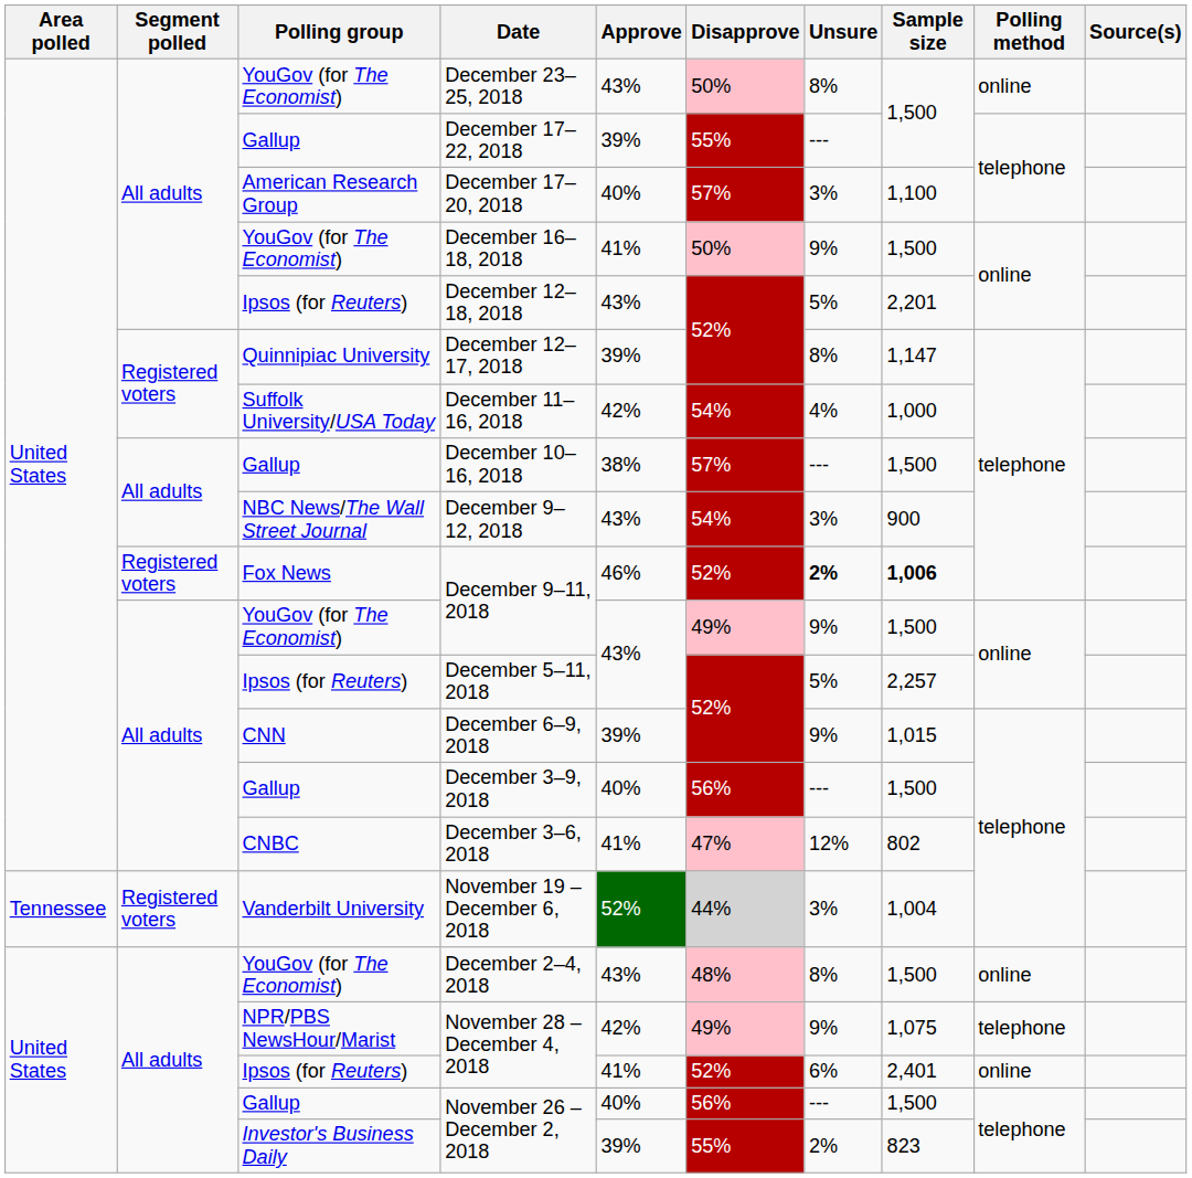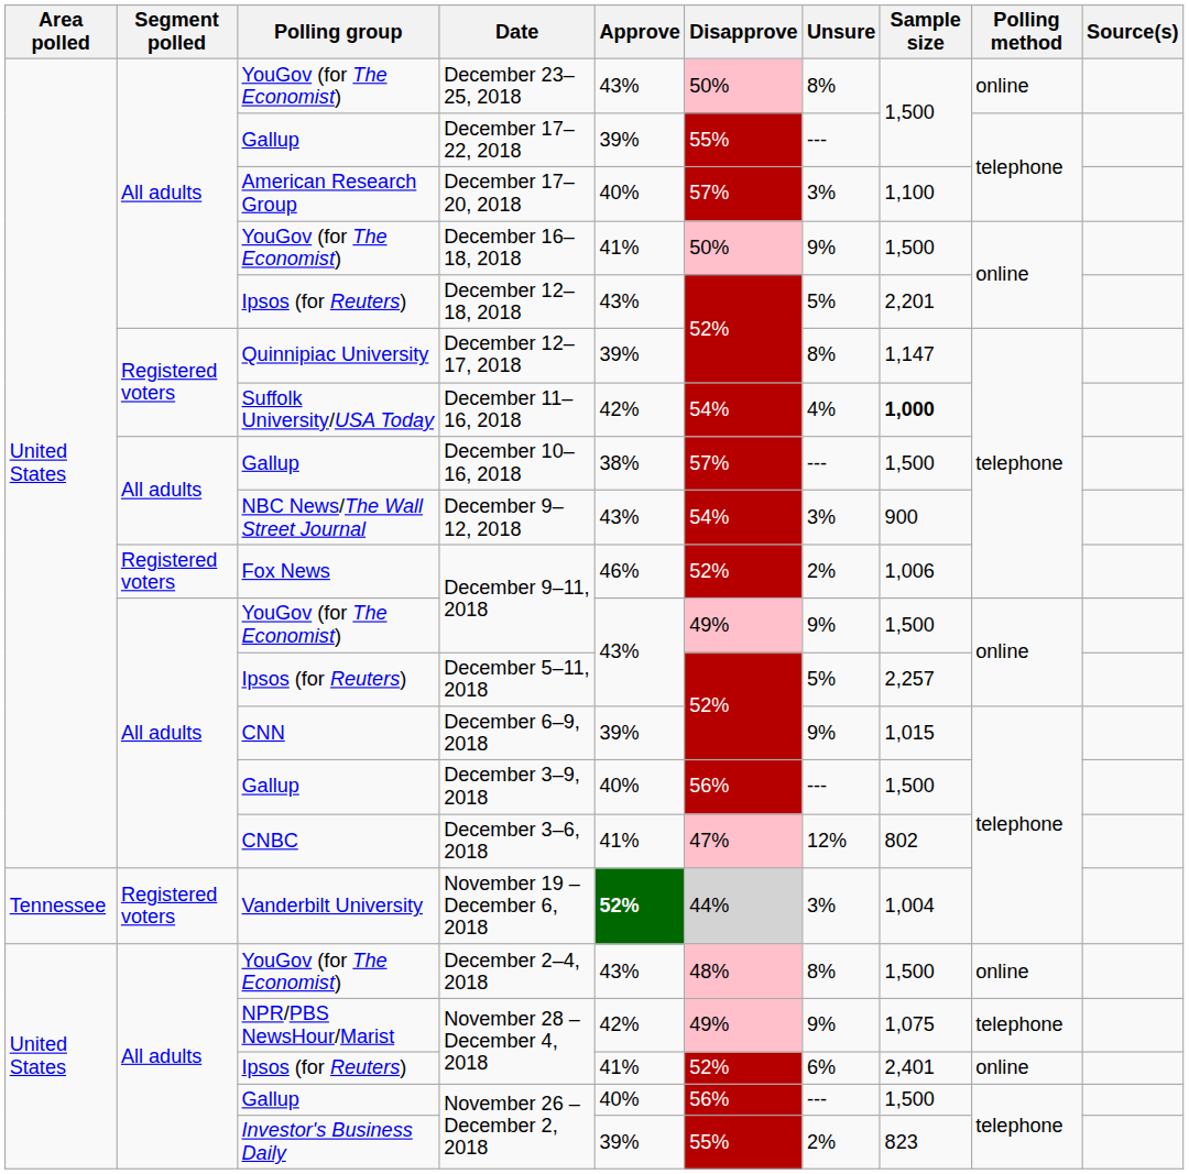 <table class="wikitable sortable" style="width: 75%">
 <tr>
 <th>Area polled</th>
 <th>Segment polled</th>
 <th>Polling group</th>
 <th>Date</th>
 <th>Approve</th>
 <th>Disapprove</th>
 <th>Unsure</th>
 <th>Sample size</th>
 <th>Polling method</th>
 <th>Source(s)</th>
 </tr>
 <tr>
 <td rowspan="15"> <a href='#'>United States</a></td>
 <td rowspan="5"><a href='#'>All adults</a></td>
 <td><a href='#'>YouGov</a> (for <em><a href='#'>The Economist</a></em>)</td>
 <td>December 23–25, 2018</td>
 <td>43%</td>
 <td style="background: pink; color: black">50%</td>
 <td>8%</td>
 <td rowspan="2">1,500</td>
 <td>online</td>
 <td></td>
 </tr>
 <tr>
 <td><a href='#'>Gallup</a></td>
 <td>December 17–22, 2018</td>
 <td>39%</td>
 <td style="background:#B60000; color: white">55%</td>
 <td>---</td>
 <td rowspan="2">telephone</td>
 <td></td>
 </tr>
 <tr>
 <td><a href='#'>American Research Group</a></td>
 <td>December 17–20, 2018</td>
 <td>40%</td>
 <td style="background:#B60000; color: white">57%</td>
 <td>3%</td>
 <td>1,100</td>
 <td></td>
 </tr>
 <tr>
 <td><a href='#'>YouGov</a> (for <em><a href='#'>The Economist</a></em>)</td>
 <td>December 16–18, 2018</td>
 <td>41%</td>
 <td style="background: pink; color: black">50%</td>
 <td>9%</td>
 <td>1,500</td>
 <td rowspan="2">online</td>
 <td></td>
 </tr>
 <tr>
 <td><a href='#'>Ipsos</a> (for <em><a href='#'>Reuters</a></em>)</td>
 <td>December 12–18, 2018</td>
 <td>43%</td>
 <td rowspan="2" style="background:#B60000; color: white">52%</td>
 <td>5%</td>
 <td>2,201</td>
 <td></td>
 </tr>
 <tr>
 <td rowspan="2"><a href='#'>Registered voters</a></td>
 <td><a href='#'>Quinnipiac University</a></td>
 <td>December 12–17, 2018</td>
 <td>39%</td>
 <td>8%</td>
 <td>1,147</td>
 <td rowspan="5">telephone</td>
 <td></td>
 </tr>
 <tr>
 <td><a href='#'>Suffolk University</a>/<em><a href='#'>USA Today</a></em></td>
 <td>December 11–16, 2018</td>
 <td>42%</td>
 <td style="background:#B60000; color: white">54%</td>
 <td>4%</td>
-<td>1,000</td>
+<td><strong>1,000</strong></td>
 <td></td>
 </tr>
 <tr>
 <td rowspan="2"><a href='#'>All adults</a></td>
 <td><a href='#'>Gallup</a></td>
 <td>December 10–16, 2018</td>
 <td>38%</td>
 <td style="background:#B60000; color: white">57%</td>
 <td>---</td>
 <td>1,500</td>
 <td></td>
 </tr>
 <tr>
 <td><a href='#'>NBC News</a>/<em><a href='#'>The Wall Street Journal</a></em></td>
 <td>December 9–12, 2018</td>
 <td>43%</td>
 <td style="background:#B60000; color: white">54%</td>
 <td>3%</td>
 <td>900</td>
 <td></td>
 </tr>
 <tr>
 <td><a href='#'>Registered voters</a></td>
 <td><a href='#'>Fox News</a></td>
 <td rowspan="2">December 9–11, 2018</td>
 <td>46%</td>
 <td style="background:#B60000; color: white">52%</td>
-<td><strong>2%</strong></td>
-<td><strong>1,006</strong></td>
+<td>2%</td>
+<td>1,006</td>
 <td></td>
 </tr>
 <tr>
 <td rowspan="5"><a href='#'>All adults</a></td>
 <td><a href='#'>YouGov</a> (for <em><a href='#'>The Economist</a></em>)</td>
 <td rowspan="2">43%</td>
 <td style="background: pink; color: black">49%</td>
 <td>9%</td>
 <td>1,500</td>
 <td rowspan="2">online</td>
 <td></td>
 </tr>
 <tr>
 <td><a href='#'>Ipsos</a> (for <em><a href='#'>Reuters</a></em>)</td>
 <td>December 5–11, 2018</td>
 <td rowspan="2" style="background:#B60000; color: white">52%</td>
 <td>5%</td>
 <td>2,257</td>
 <td></td>
 </tr>
 <tr>
 <td><a href='#'>CNN</a></td>
 <td>December 6–9, 2018</td>
 <td>39%</td>
 <td>9%</td>
 <td>1,015</td>
 <td rowspan="4">telephone</td>
 <td></td>
 </tr>
 <tr>
 <td><a href='#'>Gallup</a></td>
 <td>December 3–9, 2018</td>
 <td>40%</td>
 <td style="background:#B60000; color: white">56%</td>
 <td>---</td>
 <td>1,500</td>
 <td></td>
 </tr>
 <tr>
 <td><a href='#'>CNBC</a></td>
 <td>December 3–6, 2018</td>
 <td>41%</td>
 <td style="background: pink; color: black">47%</td>
 <td>12%</td>
 <td>802</td>
 <td></td>
 </tr>
 <tr>
 <td> <a href='#'>Tennessee</a></td>
 <td><a href='#'>Registered voters</a></td>
 <td><a href='#'>Vanderbilt University</a></td>
 <td>November 19 – December 6, 2018</td>
-<td style="background:#006800; color: white">52%</td>
+<td style="background:#006800; color: white"><strong>52%</strong></td>
 <td style="background: lightgrey;">44%</td>
 <td>3%</td>
 <td>1,004</td>
 <td></td>
 </tr>
 <tr>
 <td rowspan="5"> <a href='#'>United States</a></td>
 <td rowspan="5"><a href='#'>All adults</a></td>
 <td><a href='#'>YouGov</a> (for <em><a href='#'>The Economist</a></em>)</td>
 <td>December 2–4, 2018</td>
 <td>43%</td>
 <td style="background: pink; color: black">48%</td>
 <td>8%</td>
 <td>1,500</td>
 <td>online</td>
 <td></td>
 </tr>
 <tr>
 <td><a href='#'>NPR</a>/<a href='#'>PBS NewsHour</a>/<a href='#'>Marist</a></td>
 <td rowspan="2">November 28 – December 4, 2018</td>
 <td>42%</td>
 <td style="background: pink; color: black">49%</td>
 <td>9%</td>
 <td>1,075</td>
 <td>telephone</td>
 <td></td>
 </tr>
 <tr>
 <td><a href='#'>Ipsos</a> (for <em><a href='#'>Reuters</a></em>)</td>
 <td>41%</td>
 <td style="background:#B60000; color: white">52%</td>
 <td>6%</td>
 <td>2,401</td>
 <td>online</td>
 <td></td>
 </tr>
 <tr>
 <td><a href='#'>Gallup</a></td>
 <td rowspan="2">November 26 – December 2, 2018</td>
 <td>40%</td>
 <td style="background:#B60000; color: white">56%</td>
 <td>---</td>
 <td>1,500</td>
 <td rowspan="2">telephone</td>
 <td></td>
 </tr>
 <tr>
 <td><em><a href='#'>Investor's Business Daily</a></em></td>
 <td>39%</td>
 <td style="background:#B60000; color: white">55%</td>
 <td>2%</td>
 <td>823</td>
 <td></td>
 </tr>
 </table>
